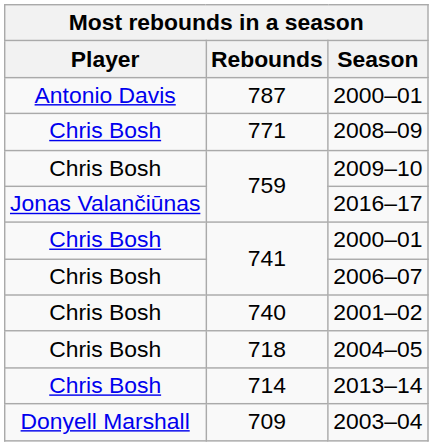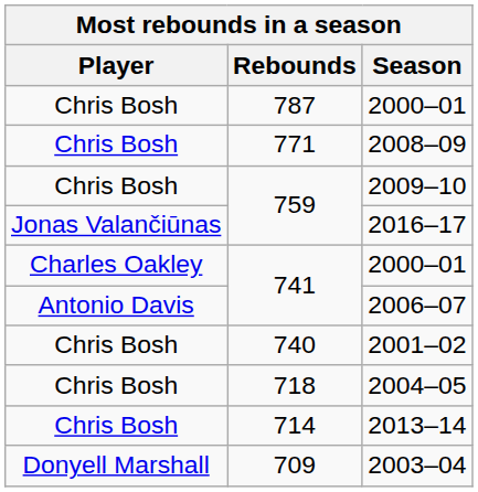 <table class="wikitable sortable" style="text-align:center">
 <tr>
 <th colspan="3">Most rebounds in a season</th>
 </tr>
 <tr>
 <th>Player</th>
 <th>Rebounds</th>
 <th>Season</th>
 </tr>
 <tr>
-<td><a href='#'>Antonio Davis</a></td>
+<td>Chris Bosh</td>
 <td>787</td>
 <td>2000–01</td>
 </tr>
 <tr>
 <td><a href='#'>Chris Bosh</a></td>
 <td>771</td>
 <td>2008–09</td>
 </tr>
 <tr>
 <td>Chris Bosh</td>
 <td rowspan=2>759</td>
 <td>2009–10</td>
 </tr>
 <tr>
 <td><a href='#'>Jonas Valančiūnas</a></td>
 <td>2016–17</td>
 </tr>
 <tr>
-<td><a href='#'>Chris Bosh</a></td>
+<td><a href='#'>Charles Oakley</a></td>
 <td rowspan=2>741</td>
 <td>2000–01</td>
 </tr>
 <tr>
-<td>Chris Bosh</td>
+<td><a href='#'>Antonio Davis</a></td>
 <td>2006–07</td>
 </tr>
 <tr>
 <td>Chris Bosh</td>
 <td>740</td>
 <td>2001–02</td>
 </tr>
 <tr>
 <td>Chris Bosh</td>
 <td>718</td>
 <td>2004–05</td>
 </tr>
 <tr>
 <td><a href='#'>Chris Bosh</a></td>
 <td>714</td>
 <td>2013–14</td>
 </tr>
 <tr>
 <td><a href='#'>Donyell Marshall</a></td>
 <td>709</td>
 <td>2003–04</td>
 </tr>
 </table>
